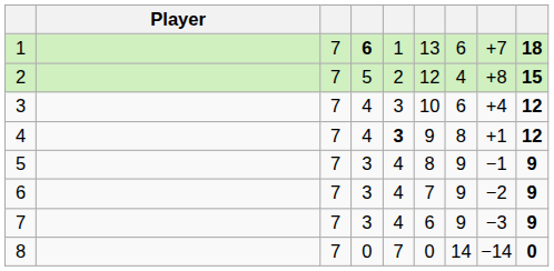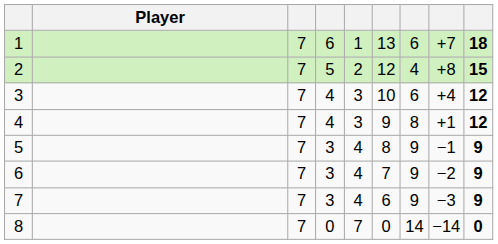 <table class="wikitable" style="text-align:center; margin: 1em auto 1em auto, align:left">
 <tr>
 <th width=20></th>
 <th width=240>Player</th>
 <th width=20></th>
 <th width=20></th>
 <th width=20></th>
 <th width=20></th>
 <th width=20></th>
 <th width=20></th>
 <th width=20></th>
 </tr>
 <tr style="background:#D0F0C0;">
 <td>1</td>
 <td align=left></td>
 <td>7</td>
-<td><strong>6</strong></td>
+<td>6</td>
 <td>1</td>
 <td>13</td>
 <td>6</td>
 <td>+7</td>
 <td><strong>18</strong></td>
 </tr>
 <tr style="background:#D0F0C0;">
 <td>2</td>
 <td align=left></td>
 <td>7</td>
 <td>5</td>
 <td>2</td>
 <td>12</td>
 <td>4</td>
 <td>+8</td>
 <td><strong>15</strong></td>
 </tr>
 <tr style=>
 <td>3</td>
 <td align=left></td>
 <td>7</td>
 <td>4</td>
 <td>3</td>
 <td>10</td>
 <td>6</td>
 <td>+4</td>
 <td><strong>12</strong></td>
 </tr>
 <tr style=>
 <td>4</td>
 <td align=left></td>
 <td>7</td>
 <td>4</td>
-<td><strong>3</strong></td>
+<td>3</td>
 <td>9</td>
 <td>8</td>
 <td>+1</td>
 <td><strong>12</strong></td>
 </tr>
 <tr style=>
 <td>5</td>
 <td align=left></td>
 <td>7</td>
 <td>3</td>
 <td>4</td>
 <td>8</td>
 <td>9</td>
 <td>−1</td>
 <td><strong>9</strong></td>
 </tr>
 <tr style=>
 <td>6</td>
 <td align=left></td>
 <td>7</td>
 <td>3</td>
 <td>4</td>
 <td>7</td>
 <td>9</td>
 <td>−2</td>
 <td><strong>9</strong></td>
 </tr>
 <tr style=>
 <td>7</td>
 <td align=left></td>
 <td>7</td>
 <td>3</td>
 <td>4</td>
 <td>6</td>
 <td>9</td>
 <td>−3</td>
 <td><strong>9</strong></td>
 </tr>
 <tr style=>
 <td>8</td>
 <td align=left></td>
 <td>7</td>
 <td>0</td>
 <td>7</td>
 <td>0</td>
 <td>14</td>
 <td>−14</td>
 <td><strong>0</strong></td>
 </tr>
 </table>
